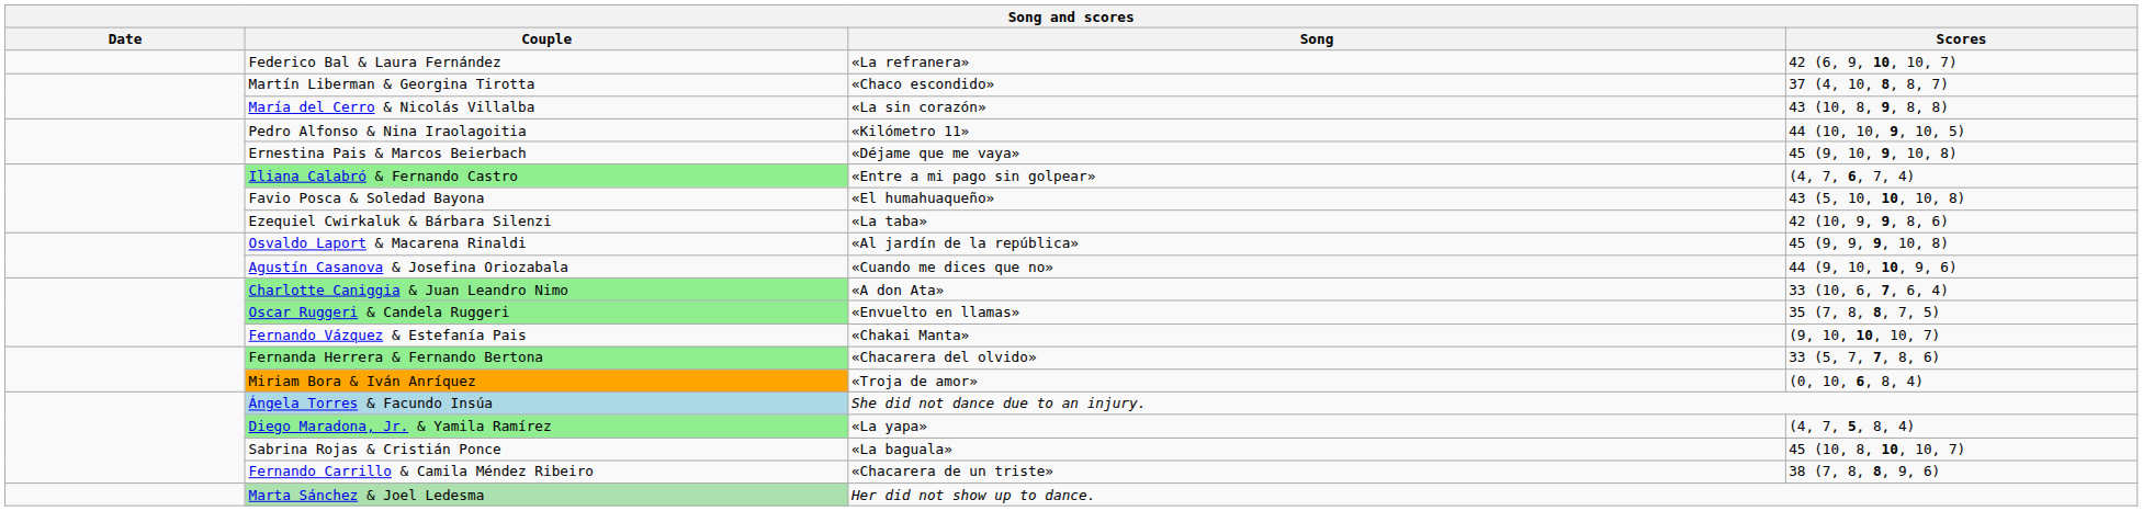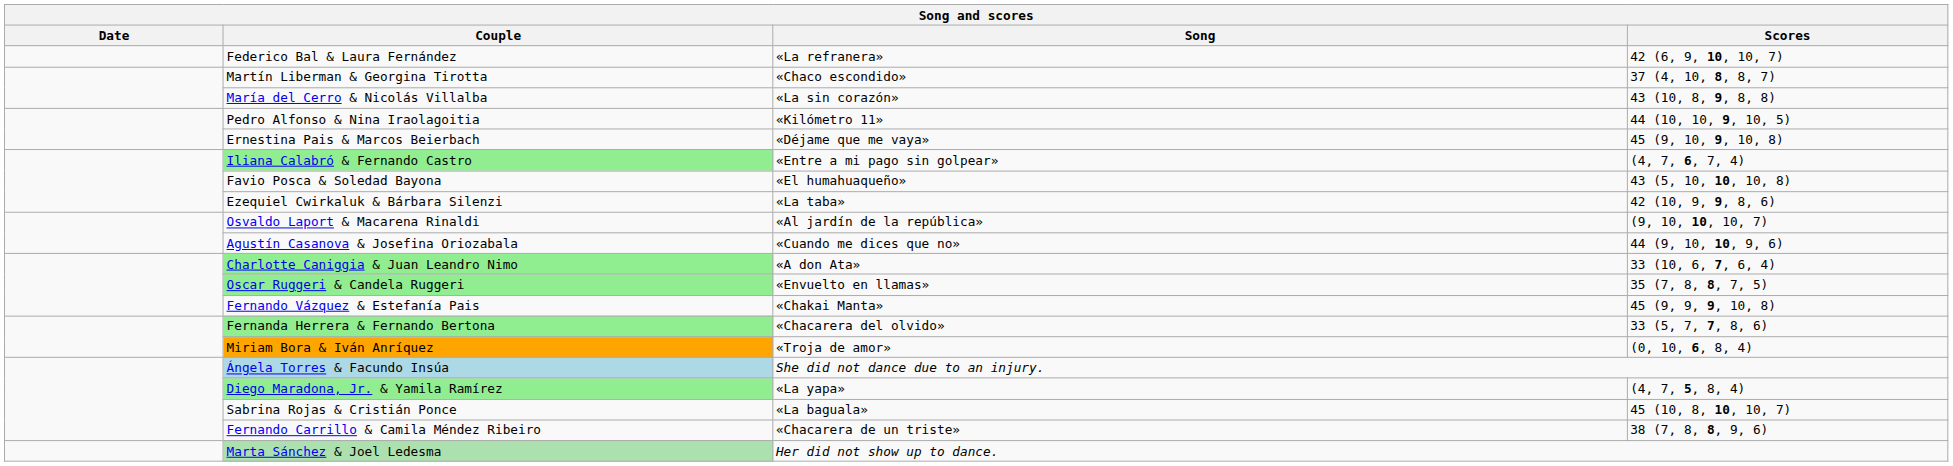 <table class="wikitable collapsible collapsed" style=" text-align: align; width: 100%;">
 <tr>
 <th colspan="11" style="with: 100%;" align="center">Song and scores</th>
 </tr>
 <tr>
 <th width=80>Date</th>
 <th width=210>Couple</th>
 <th width=330>Song</th>
 <th width=120>Scores</th>
 </tr>
 <tr>
 <td rowspan="1"></td>
 <td bgcolor="">Federico Bal & Laura Fernández</td>
 <td>«La refranera» </td>
 <td>42 (6, 9, <strong>10</strong>, 10, 7)</td>
 </tr>
 <tr>
 <td rowspan="2"></td>
 <td bgcolor="">Martín Liberman & Georgina Tirotta</td>
 <td>«Chaco escondido» </td>
 <td>37 (4, 10, <strong>8</strong>, 8, 7)</td>
 </tr>
 <tr>
 <td bgcolor=""><a href='#'>María del Cerro</a> & Nicolás Villalba</td>
 <td>«La sin corazón» </td>
 <td>43 (10, 8, <strong>9</strong>, 8, 8)</td>
 </tr>
 <tr>
 <td rowspan="2"></td>
 <td bgcolor="">Pedro Alfonso & Nina Iraolagoitia</td>
 <td>«Kilómetro 11» </td>
 <td>44 (10, 10, <strong>9</strong>, 10, 5)</td>
 </tr>
 <tr>
 <td bgcolor="">Ernestina Pais & Marcos Beierbach</td>
 <td>«Déjame que me vaya» </td>
 <td>45 (9, 10, <strong>9</strong>, 10, 8)</td>
 </tr>
 <tr>
 <td rowspan="3"></td>
 <td bgcolor="lightgreen"><a href='#'>Iliana Calabró</a> & Fernando Castro</td>
 <td>«Entre a mi pago sin golpear» </td>
 <td> (4, 7, <strong>6</strong>, 7, 4)</td>
 </tr>
 <tr>
 <td bgcolor="">Favio Posca & Soledad Bayona</td>
 <td>«El humahuaqueño» </td>
 <td>43 (5, 10, <strong>10</strong>, 10, 8)</td>
 </tr>
 <tr>
 <td bgcolor="">Ezequiel Cwirkaluk & Bárbara Silenzi</td>
 <td>«La taba» </td>
 <td>42 (10, 9, <strong>9</strong>, 8, 6)</td>
 </tr>
 <tr>
 <td rowspan="2"></td>
 <td bgcolor=""><a href='#'>Osvaldo Laport</a> & Macarena Rinaldi</td>
 <td>«Al jardín de la república» </td>
-<td>45 (9, 9, <strong>9</strong>, 10, 8)</td>
+<td> (9, 10, <strong>10</strong>, 10, 7)</td>
 </tr>
 <tr>
 <td bgcolor=""><a href='#'>Agustín Casanova</a> & Josefina Oriozabala</td>
 <td>«Cuando me dices que no» </td>
 <td>44 (9, 10, <strong>10</strong>, 9, 6)</td>
 </tr>
 <tr>
 <td rowspan="3"></td>
 <td bgcolor="lightgreen"><a href='#'>Charlotte Caniggia</a> & Juan Leandro Nimo</td>
 <td>«A don Ata» </td>
 <td>33 (10, 6, <strong>7</strong>, 6, 4)</td>
 </tr>
 <tr>
 <td bgcolor="lightgreen"><a href='#'>Oscar Ruggeri</a> & Candela Ruggeri</td>
 <td>«Envuelto en llamas» </td>
 <td>35 (7, 8, <strong>8</strong>, 7, 5)</td>
 </tr>
 <tr>
 <td bgcolor=""><a href='#'>Fernando Vázquez</a> & Estefanía Pais</td>
 <td>«Chakai Manta» </td>
-<td> (9, 10, <strong>10</strong>, 10, 7)</td>
+<td>45 (9, 9, <strong>9</strong>, 10, 8)</td>
 </tr>
 <tr>
 <td rowspan="2"></td>
 <td bgcolor="lightgreen">Fernanda Herrera & Fernando Bertona</td>
 <td>«Chacarera del olvido» </td>
 <td>33 (5, 7, <strong>7</strong>, 8, 6)</td>
 </tr>
 <tr>
 <td bgcolor="orange">Miriam Bora & Iván Anríquez</td>
 <td>«Troja de amor» </td>
 <td> (0, 10, <strong>6</strong>, 8, 4)</td>
 </tr>
 <tr>
 <td rowspan="4"></td>
 <td bgcolor="lightblue"><a href='#'>Ángela Torres</a> & Facundo Insúa</td>
 <td colspan="2"><em>She did not dance due to an injury.</em></td>
 </tr>
 <tr>
 <td bgcolor="lightgreen"><a href='#'>Diego Maradona, Jr.</a> & Yamila Ramírez</td>
 <td>«La yapa» </td>
 <td> (4, 7, <strong>5</strong>, 8, 4)</td>
 </tr>
 <tr>
 <td bgcolor="">Sabrina Rojas & Cristián Ponce</td>
 <td>«La baguala» </td>
 <td>45 (10, 8, <strong>10</strong>, 10, 7)</td>
 </tr>
 <tr>
 <td bgcolor=""><a href='#'>Fernando Carrillo</a> & Camila Méndez Ribeiro</td>
 <td>«Chacarera de un triste» </td>
 <td>38 (7, 8, <strong>8</strong>, 9, 6)</td>
 </tr>
 <tr>
 <td rowspan="1"></td>
 <td bgcolor="#ACE1AF"><a href='#'>Marta Sánchez</a> & Joel Ledesma</td>
 <td colspan="2"><em>Her did not show up to dance.</em></td>
 </tr>
 </table>
